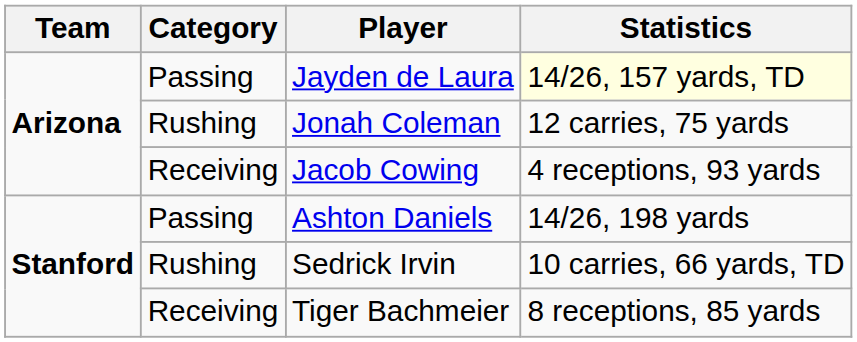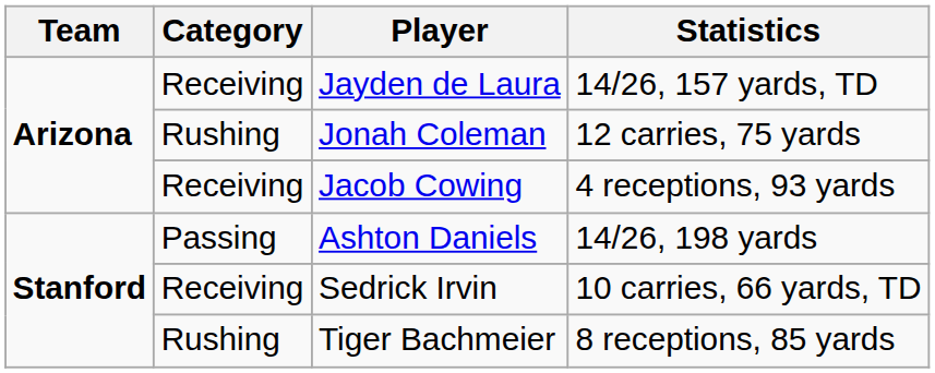 <table class="wikitable" style="float: right;">
 <tr>
 <th>Team</th>
 <th>Category</th>
 <th>Player</th>
 <th>Statistics</th>
 </tr>
 <tr>
 <td rowspan=3><strong>Arizona</strong></td>
-<td>Passing</td>
+<td>Receiving</td>
 <td><a href='#'>Jayden de Laura</a></td>
-<td style="background: lightyellow;">14/26, 157 yards, TD</td>
+<td>14/26, 157 yards, TD</td>
 </tr>
 <tr>
 <td>Rushing</td>
 <td><a href='#'>Jonah Coleman</a></td>
 <td>12 carries, 75 yards</td>
 </tr>
 <tr>
 <td>Receiving</td>
 <td><a href='#'>Jacob Cowing</a></td>
 <td>4 receptions, 93 yards</td>
 </tr>
 <tr>
 <td rowspan=3><strong>Stanford</strong></td>
 <td>Passing</td>
 <td><a href='#'>Ashton Daniels</a></td>
 <td>14/26, 198 yards</td>
 </tr>
 <tr>
-<td>Rushing</td>
+<td>Receiving</td>
 <td>Sedrick Irvin</td>
 <td>10 carries, 66 yards, TD</td>
 </tr>
 <tr>
-<td>Receiving</td>
+<td>Rushing</td>
 <td>Tiger Bachmeier</td>
 <td>8 receptions, 85 yards</td>
 </tr>
 </table>
